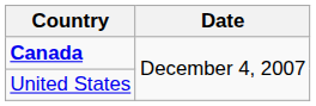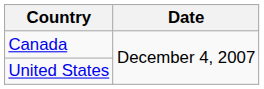 <table class="wikitable">
 <tr>
 <th>Country</th>
 <th>Date</th>
 </tr>
 <tr>
-<td><strong><a href='#'>Canada</a></strong></td>
+<td><a href='#'>Canada</a></td>
 <td rowspan="2">December 4, 2007</td>
 </tr>
 <tr>
 <td><a href='#'>United States</a></td>
 </tr>
 </table>
